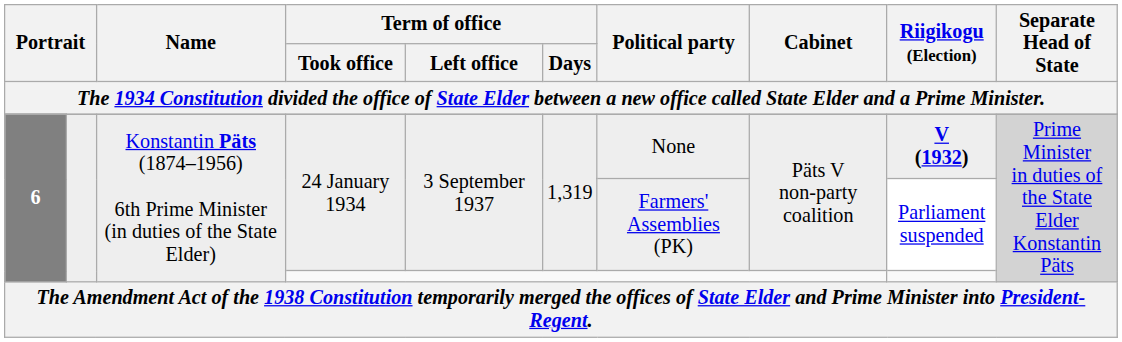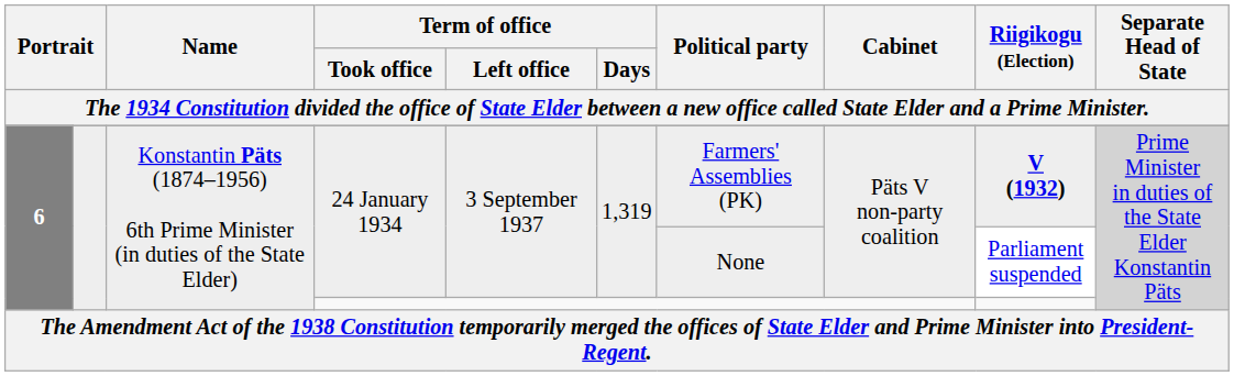 <table class="wikitable" style="text-align:center; width:100%; border:1px #AAAAFF solid">
 <tr>
 <th width=70 colspan=2 rowspan=2>Portrait</th>
 <th width=17% rowspan=2>Name</th>
 <th width=200 colspan=3>Term of office</th>
 <th rowspan=2>Political party</th>
 <th rowspan=2>Cabinet</th>
 <th width=80 rowspan=2><a href='#'>Riigikogu</a><br><small>(Election)</small></th>
 <th rowspan=2>Separate<br>Head of State</th>
 </tr>
 <tr>
 <th>Took office</th>
 <th>Left office</th>
 <th>Days</th>
 </tr>
 <tr>
 <th colspan=10><em>The <a href='#'>1934 Constitution</a> divided the office of <a href='#'>State Elder</a> between a new office called State Elder and a Prime Minister.</em></th>
 </tr>
 <tr>
 </tr>
 <tr bgcolor=#EEEEEE>
 <th rowspan=3 style="background:gray; color:white">6</th>
 <td rowspan=3></td>
 <td rowspan=3><a href='#'>Konstantin <strong>Päts</strong></a><br>(1874–1956)<br><br>6th Prime Minister<br>(in duties of the State Elder)</td>
 <td rowspan=2>24 January 1934</td>
 <td rowspan=2>3 September 1937</td>
 <td rowspan=2>1,319</td>
-<td>None<br></td>
+<td><a href='#'>Farmers' Assemblies</a><br>(PK)<br></td>
 <td rowspan=2>Päts V<br>non-party coalition<br></td>
 <td><strong><a href='#'>V</a><br>(<a href='#'>1932</a>)</strong></td>
 <td rowspan=3 bgcolor=#D3D3D3><a href='#'>Prime Minister<br>in duties of<br>the State Elder</a><br><a href='#'>Konstantin<br>Päts</a></td>
 </tr>
 <tr bgcolor=#EEEEEE>
-<td><a href='#'>Farmers' Assemblies</a><br>(PK)<br></td>
+<td>None<br></td>
 <td bgcolor=white><a href='#'>Parliament<br>suspended</a><br></td>
 </tr>
 <tr>
 <td colspan="5" style="text-align:left;"></td>
 </tr>
 <tr>
 <th colspan=10><em>The Amendment Act of the <a href='#'>1938 Constitution</a> temporarily merged the offices of <a href='#'>State Elder</a> and Prime Minister into <a href='#'>President-Regent</a>.</em></th>
 </tr>
 </table>
